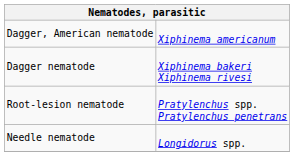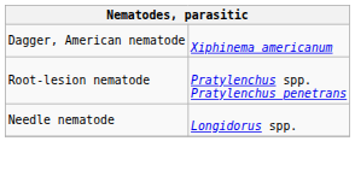 <table class="wikitable" style="clear">
 <tr>
 <th colspan=2><strong>Nematodes, parasitic</strong><br></th>
 </tr>
 <tr>
 <td>Dagger, American nematode</td>
 <td><br><em><a href='#'>Xiphinema americanum</a></em></td>
-</tr>
-<tr>
-<td>Dagger nematode</td>
-<td><br><em><a href='#'>Xiphinema bakeri</a></em><br> <em><a href='#'>Xiphinema rivesi</a></em></td>
 </tr>
 <tr>
 <td>Root-lesion nematode</td>
 <td><br><em><a href='#'>Pratylenchus</a></em> spp. <br> <em><a href='#'>Pratylenchus penetrans</a></em></td>
 </tr>
 <tr>
 <td>Needle nematode</td>
 <td><br><em><a href='#'>Longidorus</a></em> spp.</td>
 </tr>
 <tr>
 </tr>
 </table>
